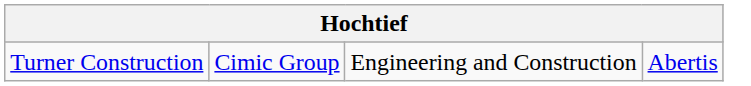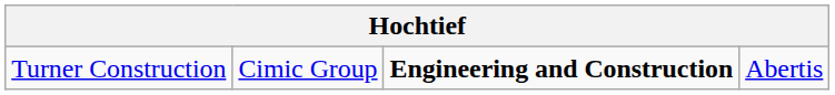 <table class="wikitable" style="text-align:center;">
 <tr class=>
 <th colspan="4">Hochtief</th>
 </tr>
 <tr class=>
 <td><a href='#'>Turner Construction</a></td>
 <td><a href='#'>Cimic Group</a></td>
-<td>Engineering and Construction</td>
+<td><strong>Engineering and Construction</strong></td>
 <td><a href='#'>Abertis</a></td>
 </tr>
 </table>
